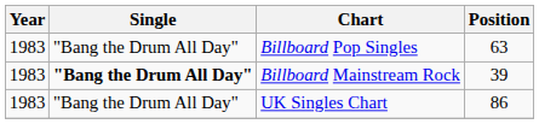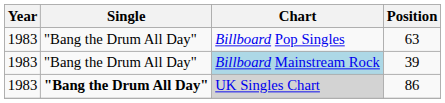 <table class="wikitable">
 <tr>
 <th align="left">Year</th>
 <th align="left">Single</th>
 <th align="left">Chart</th>
 <th align="left">Position</th>
 </tr>
 <tr>
 <td>1983</td>
 <td>"Bang the Drum All Day"</td>
 <td><em><a href='#'>Billboard</a></em> <a href='#'>Pop Singles</a></td>
 <td align="center">63</td>
 </tr>
 <tr>
 <td>1983</td>
-<td><strong>"Bang the Drum All Day"</strong></td>
-<td><em><a href='#'>Billboard</a></em> <a href='#'>Mainstream Rock</a></td>
+<td>"Bang the Drum All Day"</td>
+<td style="background: lightblue;"><em><a href='#'>Billboard</a></em> <a href='#'>Mainstream Rock</a></td>
 <td align="center">39</td>
 </tr>
 <tr>
 <td>1983</td>
-<td>"Bang the Drum All Day"</td>
-<td><a href='#'>UK Singles Chart</a></td>
+<td><strong>"Bang the Drum All Day"</strong></td>
+<td style="background: lightgrey;"><a href='#'>UK Singles Chart</a></td>
 <td align="center">86</td>
 </tr>
 <tr>
 </tr>
 </table>
